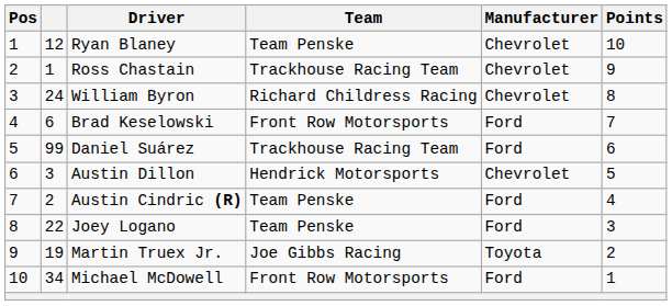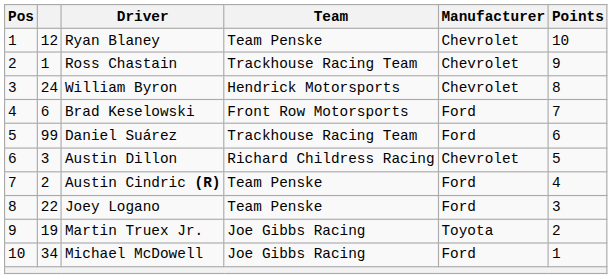 <table class="wikitable" style="font-size:98%">
 <tr>
 <th>Pos</th>
 <th></th>
 <th>Driver</th>
 <th>Team</th>
 <th>Manufacturer</th>
 <th>Points</th>
 </tr>
 <tr>
 <td>1</td>
 <td>12</td>
 <td>Ryan Blaney</td>
 <td>Team Penske</td>
 <td>Chevrolet</td>
 <td>10</td>
 </tr>
 <tr>
 <td>2</td>
 <td>1</td>
 <td>Ross Chastain</td>
 <td>Trackhouse Racing Team</td>
 <td>Chevrolet</td>
 <td>9</td>
 </tr>
 <tr>
 <td>3</td>
 <td>24</td>
 <td>William Byron</td>
-<td>Richard Childress Racing</td>
+<td>Hendrick Motorsports</td>
 <td>Chevrolet</td>
 <td>8</td>
 </tr>
 <tr>
 <td>4</td>
 <td>6</td>
 <td>Brad Keselowski</td>
 <td>Front Row Motorsports</td>
 <td>Ford</td>
 <td>7</td>
 </tr>
 <tr>
 <td>5</td>
 <td>99</td>
 <td>Daniel Suárez</td>
 <td>Trackhouse Racing Team</td>
 <td>Ford</td>
 <td>6</td>
 </tr>
 <tr>
 <td>6</td>
 <td>3</td>
 <td>Austin Dillon</td>
-<td>Hendrick Motorsports</td>
+<td>Richard Childress Racing</td>
 <td>Chevrolet</td>
 <td>5</td>
 </tr>
 <tr>
 <td>7</td>
 <td>2</td>
 <td>Austin Cindric <strong>(R)</strong></td>
 <td>Team Penske</td>
 <td>Ford</td>
 <td>4</td>
 </tr>
 <tr>
 <td>8</td>
 <td>22</td>
 <td>Joey Logano</td>
 <td>Team Penske</td>
 <td>Ford</td>
 <td>3</td>
 </tr>
 <tr>
 <td>9</td>
 <td>19</td>
 <td>Martin Truex Jr.</td>
 <td>Joe Gibbs Racing</td>
 <td>Toyota</td>
 <td>2</td>
 </tr>
 <tr>
 <td>10</td>
 <td>34</td>
 <td>Michael McDowell</td>
-<td>Front Row Motorsports</td>
+<td>Joe Gibbs Racing</td>
 <td>Ford</td>
 <td>1</td>
 </tr>
 <tr>
 <th colspan="6"></th>
 </tr>
 </table>
